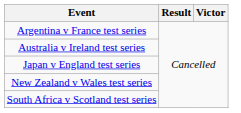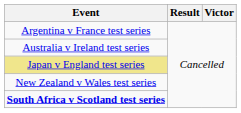 <table class="wikitable" style="text-align:center">
 <tr>
 <th style="width=320">Event</th>
 <th style="width=70">Result</th>
 <th style="width=100">Victor</th>
 </tr>
 <tr>
 <td><a href='#'>Argentina v France test series</a></td>
 <td rowspan=5 colspan=2><em>Cancelled</em></td>
 </tr>
 <tr>
 <td><a href='#'>Australia v Ireland test series</a></td>
 </tr>
 <tr>
-<td><a href='#'>Japan v England test series</a></td>
+<td style="background: khaki;"><a href='#'>Japan v England test series</a></td>
 </tr>
 <tr>
 <td><a href='#'>New Zealand v Wales test series</a></td>
 </tr>
 <tr>
-<td><a href='#'>South Africa v Scotland test series</a></td>
+<td><strong><a href='#'>South Africa v Scotland test series</a></strong></td>
 </tr>
 </table>
